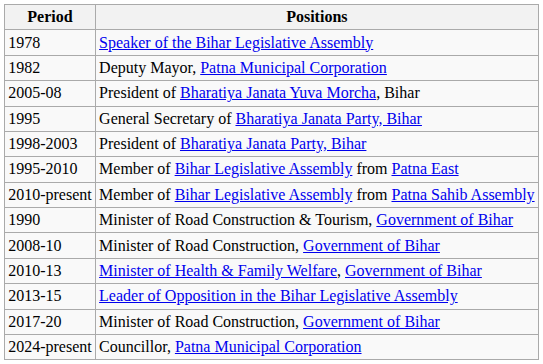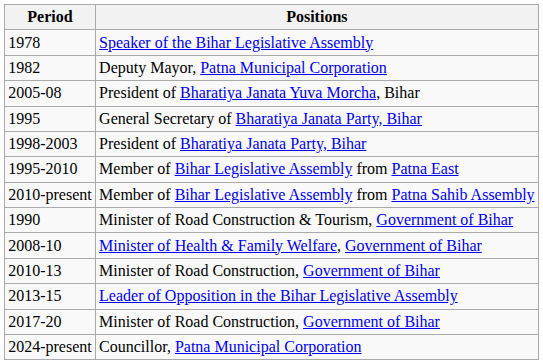 <table class="wikitable">
 <tr>
 <th>Period</th>
 <th>Positions</th>
 </tr>
 <tr>
 <td>1978</td>
 <td><a href='#'>Speaker of the Bihar Legislative Assembly</a></td>
 </tr>
 <tr>
 <td>1982</td>
 <td>Deputy Mayor, <a href='#'>Patna Municipal Corporation</a></td>
 </tr>
 <tr>
 <td>2005-08</td>
 <td>President of <a href='#'>Bharatiya Janata Yuva Morcha</a>, Bihar</td>
 </tr>
 <tr>
 <td>1995</td>
 <td>General Secretary of <a href='#'>Bharatiya Janata Party, Bihar</a></td>
 </tr>
 <tr>
 <td>1998-2003</td>
 <td>President of <a href='#'>Bharatiya Janata Party, Bihar</a></td>
 </tr>
 <tr>
 <td>1995-2010</td>
 <td>Member of <a href='#'>Bihar Legislative Assembly</a> from <a href='#'>Patna East</a></td>
 </tr>
 <tr>
 <td>2010-present</td>
 <td>Member of <a href='#'>Bihar Legislative Assembly</a> from <a href='#'>Patna Sahib Assembly</a></td>
 </tr>
 <tr>
 <td>1990</td>
 <td>Minister of Road Construction & Tourism, <a href='#'>Government of Bihar</a></td>
 </tr>
 <tr>
 <td>2008-10</td>
-<td>Minister of Road Construction, <a href='#'>Government of Bihar</a></td>
+<td><a href='#'>Minister of Health & Family Welfare</a>, <a href='#'>Government of Bihar</a></td>
 </tr>
 <tr>
 <td>2010-13</td>
-<td><a href='#'>Minister of Health & Family Welfare</a>, <a href='#'>Government of Bihar</a></td>
+<td>Minister of Road Construction, <a href='#'>Government of Bihar</a></td>
 </tr>
 <tr>
 <td>2013-15</td>
 <td><a href='#'>Leader of Opposition in the Bihar Legislative Assembly</a></td>
 </tr>
 <tr>
 <td>2017-20</td>
 <td>Minister of Road Construction, <a href='#'>Government of Bihar</a></td>
 </tr>
 <tr>
 <td>2024-present</td>
 <td>Councillor, <a href='#'>Patna Municipal Corporation</a></td>
 </tr>
 </table>
